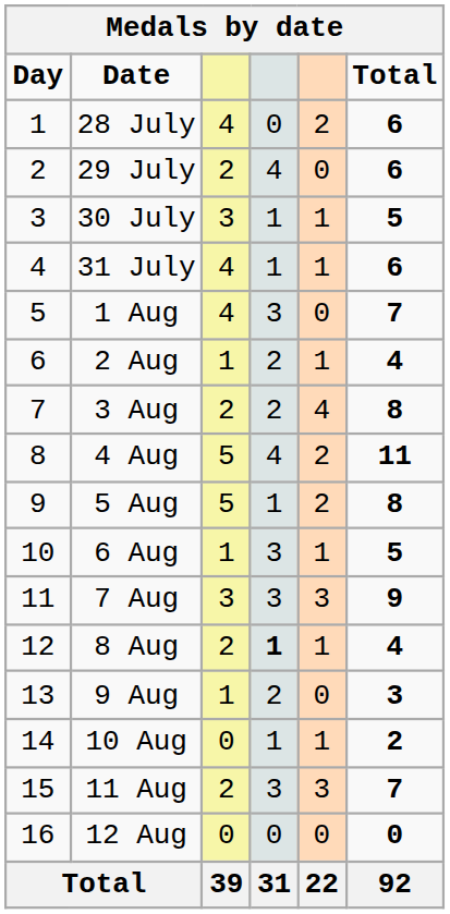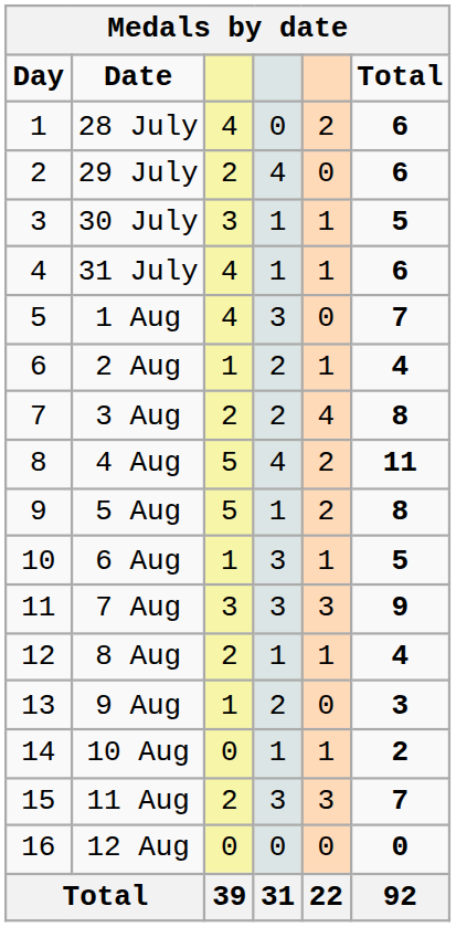 <table class="wikitable" style="font-size:90%">
 <tr style="background:#efefef;">
 <th colspan=6>Medals by date</th>
 </tr>
 <tr align=center>
 <td><strong>Day</strong></td>
 <td><strong>Date</strong></td>
 <td bgcolor=#F7F6A8></td>
 <td bgcolor=#DCE5E5></td>
 <td bgcolor=#FFDAB9></td>
 <td><strong>Total</strong></td>
 </tr>
 <tr align=center>
 <td>1</td>
 <td>28 July</td>
 <td style="background:#F7F6A8;">4</td>
 <td style="background:#DCE5E5;">0</td>
 <td style="background:#FFDAB9;">2</td>
 <td><strong>6</strong></td>
 </tr>
 <tr align=center>
 <td>2</td>
 <td>29 July</td>
 <td style="background:#F7F6A8;">2</td>
 <td style="background:#DCE5E5;">4</td>
 <td style="background:#FFDAB9;">0</td>
 <td><strong>6</strong></td>
 </tr>
 <tr align=center>
 <td>3</td>
 <td>30 July</td>
 <td style="background:#F7F6A8;">3</td>
 <td style="background:#DCE5E5;">1</td>
 <td style="background:#FFDAB9;">1</td>
 <td><strong>5</strong></td>
 </tr>
 <tr style="text-align:center;">
 <td>4</td>
 <td>31 July</td>
 <td style="background:#F7F6A8;">4</td>
 <td style="background:#DCE5E5;">1</td>
 <td style="background:#FFDAB9;">1</td>
 <td><strong>6</strong></td>
 </tr>
 <tr align=center>
 <td>5</td>
 <td>1 Aug</td>
 <td style="background:#F7F6A8;">4</td>
 <td style="background:#DCE5E5;">3</td>
 <td style="background:#FFDAB9;">0</td>
 <td><strong>7</strong></td>
 </tr>
 <tr align=center>
 <td>6</td>
 <td>2 Aug</td>
 <td style="background:#F7F6A8;">1</td>
 <td style="background:#DCE5E5;">2</td>
 <td style="background:#FFDAB9;">1</td>
 <td><strong>4</strong></td>
 </tr>
 <tr align=center>
 <td>7</td>
 <td>3 Aug</td>
 <td style="background:#F7F6A8;">2</td>
 <td style="background:#DCE5E5;">2</td>
 <td style="background:#FFDAB9;">4</td>
 <td><strong>8</strong></td>
 </tr>
 <tr align=center>
 <td>8</td>
 <td>4 Aug</td>
 <td style="background:#F7F6A8;">5</td>
 <td style="background:#DCE5E5;">4</td>
 <td style="background:#FFDAB9;">2</td>
 <td><strong>11</strong></td>
 </tr>
 <tr align=center>
 <td>9</td>
 <td>5 Aug</td>
 <td style="background:#F7F6A8;">5</td>
 <td style="background:#DCE5E5;">1</td>
 <td style="background:#FFDAB9;">2</td>
 <td><strong>8</strong></td>
 </tr>
 <tr align=center>
 <td>10</td>
 <td>6 Aug</td>
 <td style="background:#F7F6A8;">1</td>
 <td style="background:#DCE5E5;">3</td>
 <td style="background:#FFDAB9;">1</td>
 <td><strong>5</strong></td>
 </tr>
 <tr align=center>
 <td>11</td>
 <td>7 Aug</td>
 <td style="background:#F7F6A8;">3</td>
 <td style="background:#DCE5E5;">3</td>
 <td style="background:#FFDAB9;">3</td>
 <td><strong>9</strong></td>
 </tr>
 <tr align=center>
 <td>12</td>
 <td>8 Aug</td>
 <td style="background:#F7F6A8;">2</td>
-<td style="background:#DCE5E5;"><strong>1</strong></td>
+<td style="background:#DCE5E5;">1</td>
 <td style="background:#FFDAB9;">1</td>
 <td><strong>4</strong></td>
 </tr>
 <tr align=center>
 <td>13</td>
 <td>9 Aug</td>
 <td style="background:#F7F6A8;">1</td>
 <td style="background:#DCE5E5;">2</td>
 <td style="background:#FFDAB9;">0</td>
 <td><strong>3</strong></td>
 </tr>
 <tr align=center>
 <td>14</td>
 <td>10 Aug</td>
 <td style="background:#F7F6A8;">0</td>
 <td style="background:#DCE5E5;">1</td>
 <td style="background:#FFDAB9;">1</td>
 <td><strong>2</strong></td>
 </tr>
 <tr align=center>
 <td>15</td>
 <td>11 Aug</td>
 <td style="background:#F7F6A8;">2</td>
 <td style="background:#DCE5E5;">3</td>
 <td style="background:#FFDAB9;">3</td>
 <td><strong>7</strong></td>
 </tr>
 <tr align=center>
 <td>16</td>
 <td>12 Aug</td>
 <td style="background:#F7F6A8;">0</td>
 <td style="background:#DCE5E5;">0</td>
 <td style="background:#FFDAB9;">0</td>
 <td><strong>0</strong></td>
 </tr>
 <tr>
 <th colspan="2">Total</th>
 <th>39</th>
 <th>31</th>
 <th>22</th>
 <th>92</th>
 </tr>
 </table>
